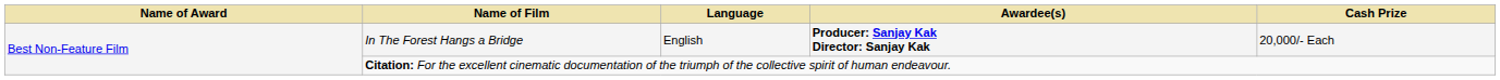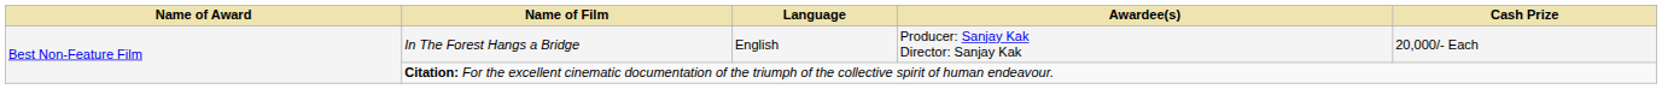 <table class="wikitable" style="width:100%;">
 <tr>
 <th style="background-color:#EFE4B0;width:24%;">Name of Award</th>
 <th style="background-color:#EFE4B0;width:20%;">Name of Film</th>
 <th style="background-color:#EFE4B0;width:10%;">Language</th>
 <th style="background-color:#EFE4B0;width:30%;">Awardee(s)</th>
 <th style="background-color:#EFE4B0;width:16%;">Cash Prize</th>
 </tr>
 <tr style="background-color:#F4F4F4">
 <td rowspan="2"><a href='#'>Best Non-Feature Film</a></td>
 <td><em>In The Forest Hangs a Bridge</em></td>
 <td>English</td>
-<td><strong>Producer: <a href='#'>Sanjay Kak</a><br>Director: Sanjay Kak</strong></td>
+<td>Producer: <a href='#'>Sanjay Kak</a><br>Director: Sanjay Kak</td>
 <td> 20,000/- Each</td>
 </tr>
 <tr style="background-color:#F9F9F9">
 <td colspan="4"><strong>Citation:</strong> <em>For the excellent cinematic documentation of the triumph of the collective spirit of human endeavour.</em></td>
 </tr>
 </table>
